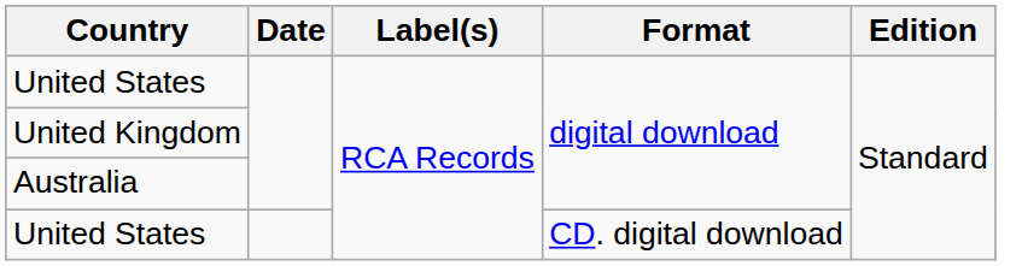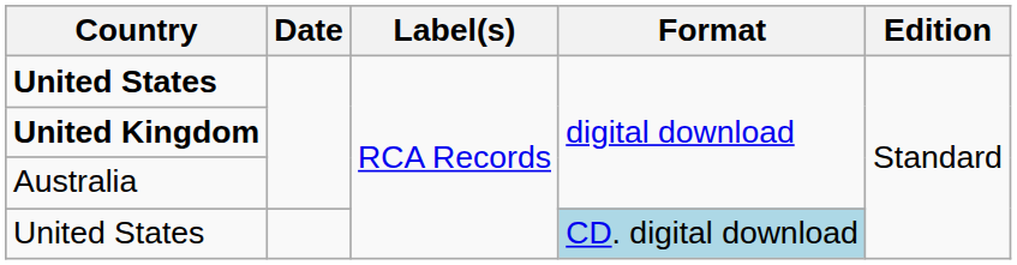 <table class="wikitable">
 <tr>
 <th>Country</th>
 <th>Date</th>
 <th>Label(s)</th>
 <th>Format</th>
 <th>Edition</th>
 </tr>
 <tr>
-<td>United States</td>
+<td><strong>United States</strong></td>
 <td rowspan="3"></td>
 <td rowspan="4"><a href='#'>RCA Records</a></td>
 <td rowspan="3"><a href='#'>digital download</a></td>
 <td rowspan="4">Standard</td>
 </tr>
 <tr>
-<td>United Kingdom</td>
+<td><strong>United Kingdom</strong></td>
 </tr>
 <tr>
 <td>Australia</td>
 </tr>
 <tr>
 <td>United States</td>
 <td></td>
-<td><a href='#'>CD</a>. digital download</td>
+<td style="background: lightblue;"><a href='#'>CD</a>. digital download</td>
 </tr>
 </table>
